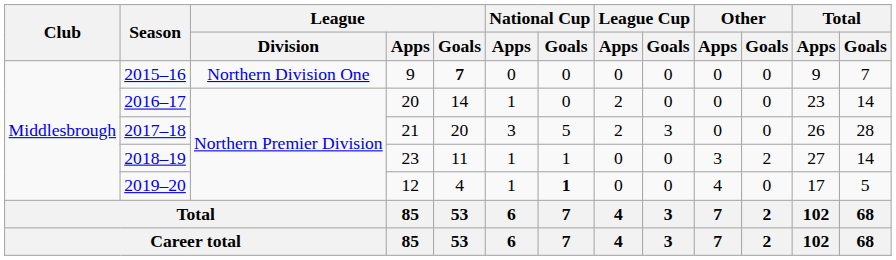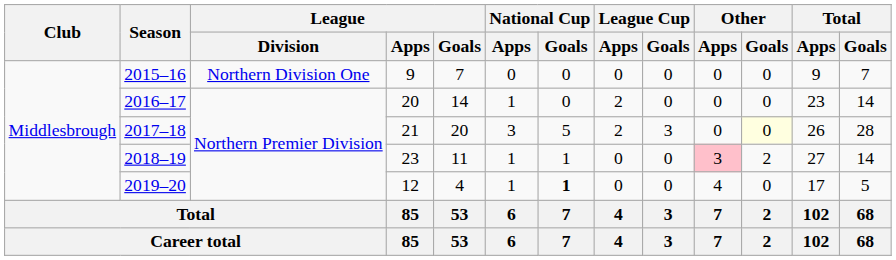 <table class="wikitable" style="text-align: center">
 <tr>
 <th rowspan="2">Club</th>
 <th rowspan="2">Season</th>
 <th colspan="3">League</th>
 <th colspan="2">National Cup</th>
 <th colspan="2">League Cup</th>
 <th colspan="2">Other</th>
 <th colspan="2">Total</th>
 </tr>
 <tr>
 <th>Division</th>
 <th>Apps</th>
 <th>Goals</th>
 <th>Apps</th>
 <th>Goals</th>
 <th>Apps</th>
 <th>Goals</th>
 <th>Apps</th>
 <th>Goals</th>
 <th>Apps</th>
 <th>Goals</th>
 </tr>
 <tr>
 <td rowspan="5"><a href='#'>Middlesbrough</a></td>
 <td><a href='#'>2015–16</a></td>
 <td><a href='#'>Northern Division One</a></td>
 <td>9</td>
-<td><strong>7</strong></td>
+<td>7</td>
 <td>0</td>
 <td>0</td>
 <td>0</td>
 <td>0</td>
 <td>0</td>
 <td>0</td>
 <td>9</td>
 <td>7</td>
 </tr>
 <tr>
 <td><a href='#'>2016–17</a></td>
 <td rowspan="4"><a href='#'>Northern Premier Division</a></td>
 <td>20</td>
 <td>14</td>
 <td>1</td>
 <td>0</td>
 <td>2</td>
 <td>0</td>
 <td>0</td>
 <td>0</td>
 <td>23</td>
 <td>14</td>
 </tr>
 <tr>
 <td><a href='#'>2017–18</a></td>
 <td>21</td>
 <td>20</td>
 <td>3</td>
 <td>5</td>
 <td>2</td>
 <td>3</td>
 <td>0</td>
-<td>0</td>
+<td style="background: lightyellow;">0</td>
 <td>26</td>
 <td>28</td>
 </tr>
 <tr>
 <td><a href='#'>2018–19</a></td>
 <td>23</td>
 <td>11</td>
 <td>1</td>
 <td>1</td>
 <td>0</td>
 <td>0</td>
-<td>3</td>
+<td style="background: pink;">3</td>
 <td>2</td>
 <td>27</td>
 <td>14</td>
 </tr>
 <tr>
 <td><a href='#'>2019–20</a></td>
 <td>12</td>
 <td>4</td>
 <td>1</td>
 <td><strong>1</strong></td>
 <td>0</td>
 <td>0</td>
 <td>4</td>
 <td>0</td>
 <td>17</td>
 <td>5</td>
 </tr>
 <tr>
 <th colspan="3"><strong>Total</strong></th>
 <th>85</th>
 <th>53</th>
 <th>6</th>
 <th>7</th>
 <th>4</th>
 <th>3</th>
 <th>7</th>
 <th>2</th>
 <th>102</th>
 <th>68</th>
 </tr>
 <tr>
 <th colspan="3"><strong>Career total</strong></th>
 <th>85</th>
 <th>53</th>
 <th>6</th>
 <th>7</th>
 <th>4</th>
 <th>3</th>
 <th>7</th>
 <th>2</th>
 <th>102</th>
 <th>68</th>
 </tr>
 </table>
